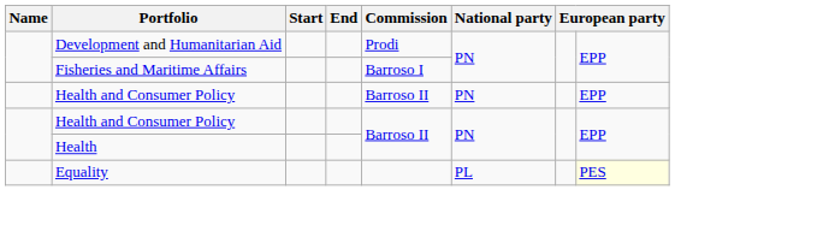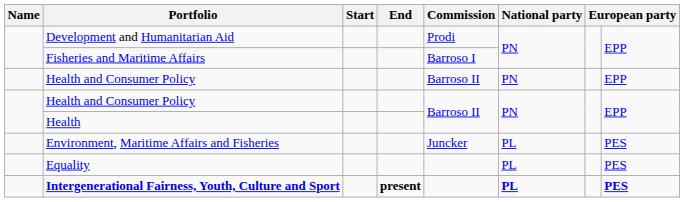 <table class="wikitable sortable" style="font-size: 90%;">
 <tr>
 <th>Name</th>
 <th>Portfolio</th>
 <th>Start</th>
 <th>End</th>
 <th>Commission</th>
 <th>National party</th>
 <th colspan=2>European party</th>
 </tr>
 <tr>
 <td rowspan=2></td>
 <td><a href='#'>Development</a> and <a href='#'>Humanitarian Aid</a></td>
 <td></td>
 <td></td>
 <td><a href='#'>Prodi</a></td>
 <td rowspan=2><a href='#'>PN</a></td>
 <td rowspan=2 style="background:"></td>
 <td rowspan=2><a href='#'>EPP</a></td>
 </tr>
 <tr>
 <td><a href='#'>Fisheries and Maritime Affairs</a></td>
 <td></td>
 <td></td>
 <td><a href='#'>Barroso I</a></td>
 </tr>
 <tr>
 <td></td>
 <td><a href='#'>Health and Consumer Policy</a></td>
 <td></td>
 <td></td>
 <td><a href='#'>Barroso II</a></td>
 <td><a href='#'>PN</a></td>
 <td style="background:"></td>
 <td><a href='#'>EPP</a></td>
 </tr>
 <tr>
 <td rowspan=2></td>
 <td><a href='#'>Health and Consumer Policy</a></td>
 <td></td>
 <td></td>
 <td rowspan=2><a href='#'>Barroso II</a></td>
 <td rowspan=2><a href='#'>PN</a></td>
 <td rowspan=2 style="background:"></td>
 <td rowspan=2><a href='#'>EPP</a></td>
 </tr>
 <tr>
 <td><a href='#'>Health</a></td>
 <td></td>
 <td></td>
 </tr>
 <tr>
 <td></td>
+<td><a href='#'>Environment</a>, <a href='#'>Maritime Affairs and Fisheries</a></td>
+<td></td>
+<td></td>
+<td><a href='#'>Juncker</a></td>
+<td><a href='#'>PL</a></td>
+<td style="background:"></td>
+<td><a href='#'>PES</a></td>
+</tr>
+<tr>
+<td></td>
 <td><a href='#'>Equality</a></td>
 <td></td>
 <td></td>
 <td></td>
 <td><a href='#'>PL</a></td>
 <td style="background:"></td>
-<td style="background: lightyellow;"><a href='#'>PES</a></td>
+<td><a href='#'>PES</a></td>
+</tr>
+<tr>
+<td><strong></strong></td>
+<td><strong><a href='#'>Intergenerational Fairness, Youth, Culture and Sport</a></strong></td>
+<td><strong></strong></td>
+<td><strong>present</strong></td>
+<td><strong></strong></td>
+<td><strong><a href='#'>PL</a></strong></td>
+<td style="background:"></td>
+<td><strong><a href='#'>PES</a></strong></td>
 </tr>
 </table>
